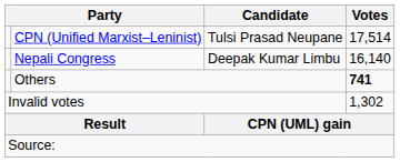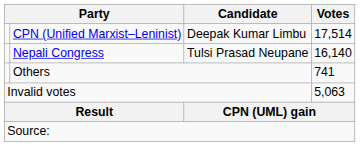 <table class="wikitable">
 <tr>
 <th colspan="2">Party</th>
 <th>Candidate</th>
 <th>Votes</th>
 </tr>
 <tr>
 <td style="background-color:"></td>
 <td><a href='#'>CPN (Unified Marxist–Leninist)</a></td>
-<td>Tulsi Prasad Neupane</td>
+<td>Deepak Kumar Limbu</td>
 <td>17,514</td>
 </tr>
 <tr>
 <td style="background-color:"></td>
 <td><a href='#'>Nepali Congress</a></td>
-<td>Deepak Kumar Limbu</td>
+<td>Tulsi Prasad Neupane</td>
 <td>16,140</td>
 </tr>
 <tr>
 <td></td>
 <td colspan="2">Others</td>
-<td><strong>741</strong></td>
+<td>741</td>
 </tr>
 <tr>
 <td colspan="3">Invalid votes</td>
-<td>1,302</td>
+<td>5,063</td>
 </tr>
 <tr>
 <th colspan="2">Result</th>
 <th colspan="2">CPN (UML) gain</th>
 </tr>
 <tr>
 <td colspan="4">Source: </td>
 </tr>
 </table>
